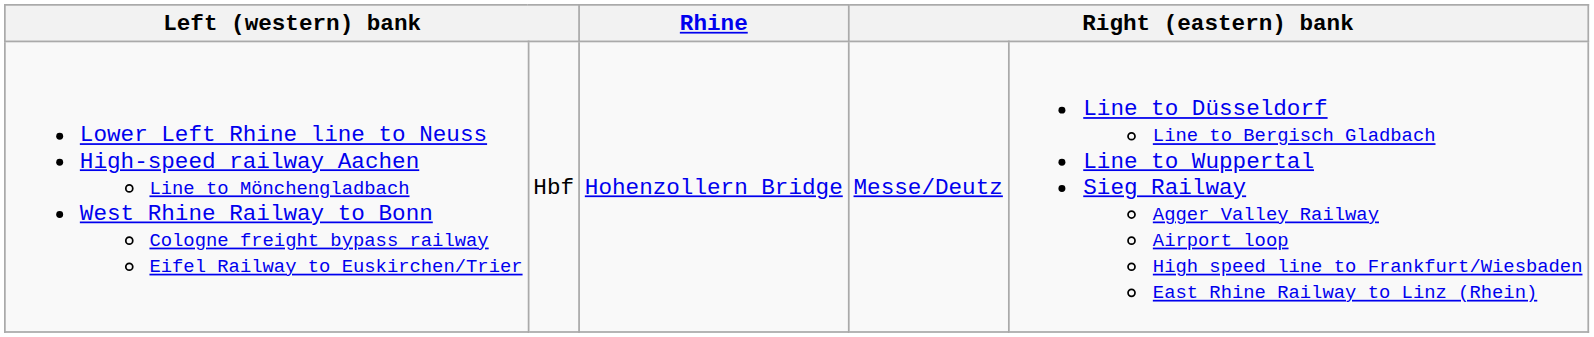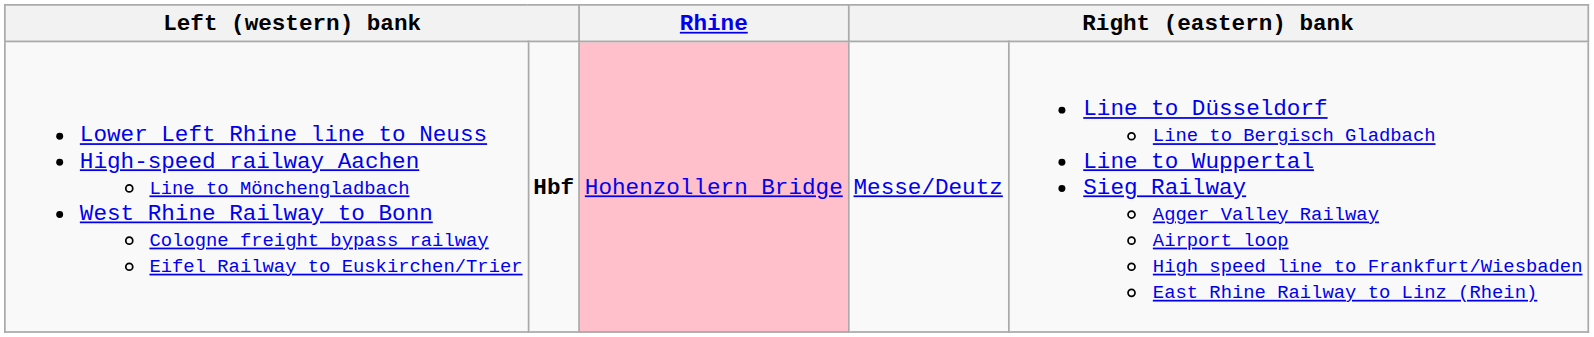 <table class="wikitable">
 <tr class="hintergrundfarbe5">
 <th colspan="2">Left (western) bank</th>
 <th align="center"><a href='#'>Rhine</a></th>
 <th colspan="2">Right (eastern) bank</th>
 </tr>
 <tr>
 <td><br><ul><li><a href='#'>Lower Left Rhine line to Neuss</a></li><li><a href='#'>High-speed railway Aachen</a><ul><li><small><a href='#'>Line to Mönchengladbach</a></small></li></ul></li><li><a href='#'>West Rhine Railway to Bonn</a><ul><li><small><a href='#'>Cologne freight bypass railway</a></small></li><li><small><a href='#'>Eifel Railway to Euskirchen/Trier</a></small></li></ul></li></ul></td>
-<td>Hbf</td>
-<td align="center"><a href='#'>Hohenzollern Bridge</a></td>
+<td><strong>Hbf</strong></td>
+<td align="center" style="background: pink;"><a href='#'>Hohenzollern Bridge</a></td>
 <td><a href='#'>Messe/Deutz</a></td>
 <td><br><ul><li><a href='#'>Line to Düsseldorf</a><ul><li><small><a href='#'>Line to Bergisch Gladbach</a></small></li></ul></li><li><a href='#'>Line to Wuppertal</a></li><li><a href='#'>Sieg Railway</a><ul><li><small><a href='#'>Agger Valley Railway</a></small></li><li><small><a href='#'>Airport loop</a></small></li><li><small><a href='#'>High speed line to Frankfurt/Wiesbaden</a></small></li><li><small><a href='#'>East Rhine Railway to Linz (Rhein)</a></small></li></ul></li></ul></td>
 </tr>
 </table>
